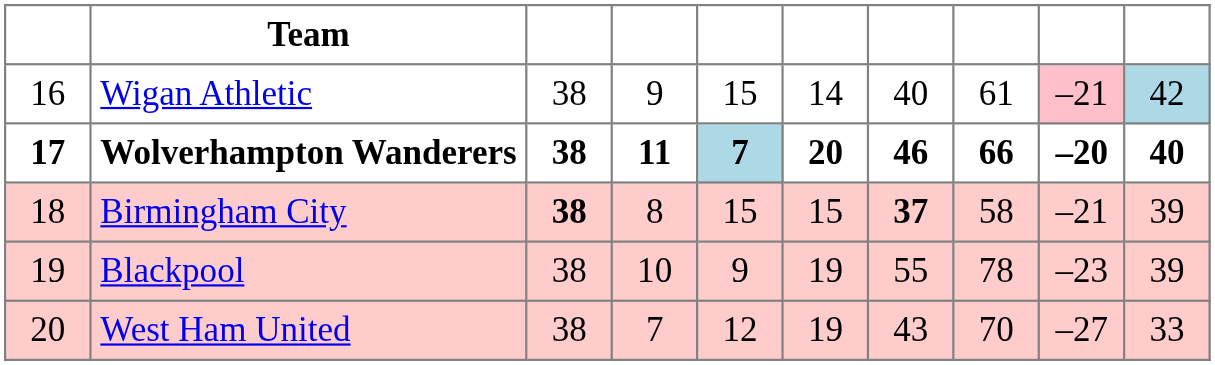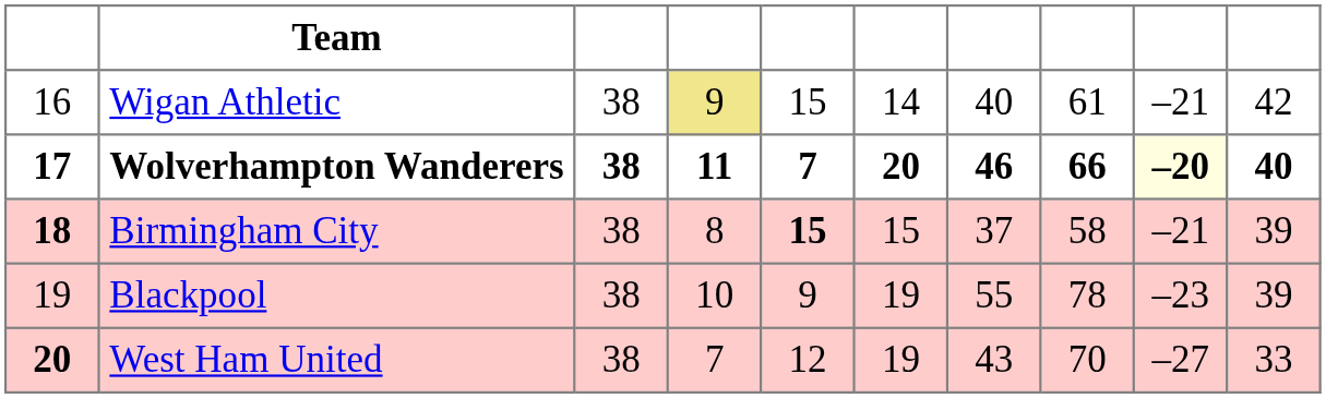 <table class="toccolours" border="1" cellpadding="4" cellspacing="0" style="text-align:center; border-collapse: collapse; margin:0;">
 <tr>
 <th width=30></th>
 <th>Team</th>
 <th width="30"></th>
 <th width="30"></th>
 <th width="30"></th>
 <th width="30"></th>
 <th width="30"></th>
 <th width="30"></th>
 <th width="30"></th>
 <th width="30"></th>
 </tr>
 <tr>
 <td>16</td>
 <td align=left><a href='#'>Wigan Athletic</a></td>
 <td>38</td>
-<td>9</td>
+<td style="background: khaki;">9</td>
 <td>15</td>
 <td>14</td>
 <td>40</td>
 <td>61</td>
-<td style="background: pink;">–21</td>
-<td style="background: lightblue;">42</td>
+<td>–21</td>
+<td>42</td>
 </tr>
 <tr>
 <td><strong>17</strong></td>
 <td align=left><strong>Wolverhampton Wanderers</strong></td>
 <td><strong>38</strong></td>
 <td><strong>11</strong></td>
-<td style="background: lightblue;"><strong>7</strong></td>
+<td><strong>7</strong></td>
 <td><strong>20</strong></td>
 <td><strong>46</strong></td>
 <td><strong>66</strong></td>
-<td><strong>–20</strong></td>
+<td style="background: lightyellow;"><strong>–20</strong></td>
 <td><strong>40</strong></td>
 </tr>
 <tr style="background:#fcc;">
-<td>18</td>
+<td><strong>18</strong></td>
 <td align=left><a href='#'>Birmingham City</a></td>
-<td><strong>38</strong></td>
+<td>38</td>
 <td>8</td>
+<td><strong>15</strong></td>
 <td>15</td>
-<td>15</td>
-<td><strong>37</strong></td>
+<td>37</td>
 <td>58</td>
 <td>–21</td>
 <td>39</td>
 </tr>
 <tr style="background:#fcc;">
 <td>19</td>
 <td align=left><a href='#'>Blackpool</a></td>
 <td>38</td>
 <td>10</td>
 <td>9</td>
 <td>19</td>
 <td>55</td>
 <td>78</td>
 <td>–23</td>
 <td>39</td>
 </tr>
 <tr style="background:#fcc;">
-<td>20</td>
+<td><strong>20</strong></td>
 <td align=left><a href='#'>West Ham United</a></td>
 <td>38</td>
 <td>7</td>
 <td>12</td>
 <td>19</td>
 <td>43</td>
 <td>70</td>
 <td>–27</td>
 <td>33</td>
 </tr>
 </table>
